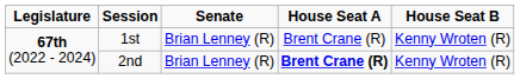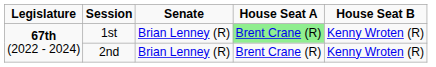 <table class="wikitable" style="text-align:center">
 <tr>
 <td><strong>Legislature</strong></td>
 <td><strong>Session</strong></td>
 <td><strong>Senate</strong></td>
 <td><strong>House Seat A</strong></td>
 <td><strong>House Seat B</strong></td>
 </tr>
 <tr>
 <td colspan="1" rowspan="2" style="text-align: center;"><strong>67th</strong> <br> (2022 - 2024)</td>
 <td>1st</td>
 <td><a href='#'>Brian Lenney</a> (R)</td>
-<td><a href='#'>Brent Crane</a> (R)</td>
+<td style="background: lightgreen;"><a href='#'>Brent Crane</a> (R)</td>
 <td><a href='#'>Kenny Wroten</a> (R)</td>
 </tr>
 <tr>
 <td>2nd</td>
 <td><a href='#'>Brian Lenney</a> (R)</td>
-<td><strong><a href='#'>Brent Crane</a> (R)</strong></td>
+<td><a href='#'>Brent Crane</a> (R)</td>
 <td><a href='#'>Kenny Wroten</a> (R)</td>
 </tr>
 </table>
